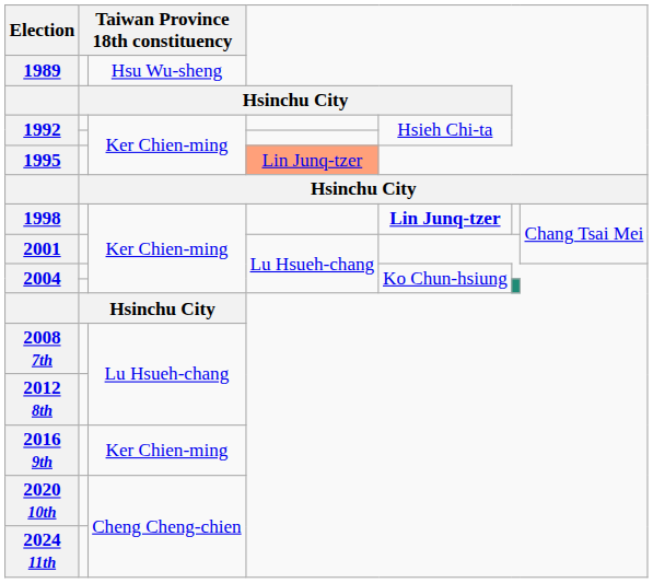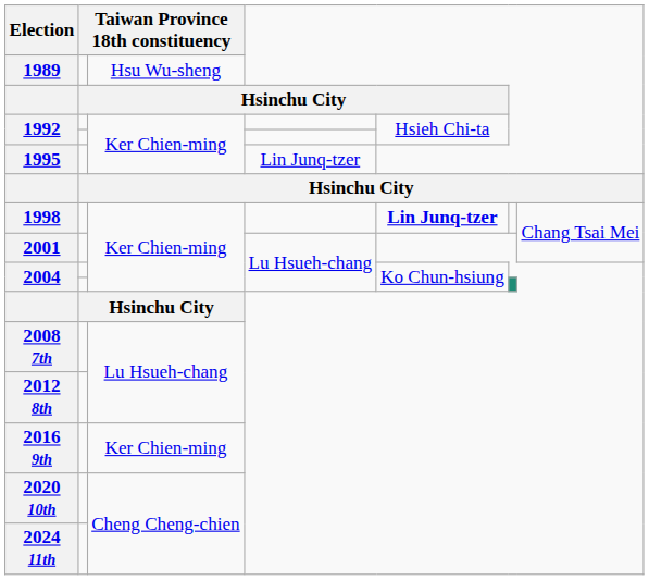 <table class=wikitable style="text-align:center">
 <tr>
 <th>Election</th>
 <th colspan="2" width="80px">Taiwan Province 18th constituency</th>
 </tr>
 <tr>
 <th><a href='#'>1989</a></th>
 <td></td>
 <td><a href='#'>Hsu Wu-sheng</a></td>
 </tr>
 <tr>
 <th></th>
 <th colspan=4 width="80px">Hsinchu City</th>
 </tr>
 <tr>
 <th rowspan=2><a href='#'>1992</a></th>
 <td></td>
 <td rowspan=3><a href='#'>Ker Chien-ming</a></td>
 <td></td>
 <td rowspan=2><a href='#'>Hsieh Chi-ta</a></td>
 </tr>
 <tr>
 <td></td>
 </tr>
 <tr>
 <th><a href='#'>1995</a></th>
 <td></td>
-<td style="background: lightsalmon;"><a href='#'>Lin Junq-tzer</a></td>
+<td><a href='#'>Lin Junq-tzer</a></td>
 </tr>
 <tr>
 <th></th>
 <th colspan=6 width="80px">Hsinchu City</th>
 </tr>
 <tr>
 <th><a href='#'>1998</a></th>
 <td></td>
 <td rowspan=4><a href='#'>Ker Chien-ming</a></td>
 <td></td>
 <td><strong><a href='#'>Lin Junq-tzer</a></strong></td>
 <td></td>
 <td rowspan=2><a href='#'>Chang Tsai Mei</a></td>
 </tr>
 <tr>
 <th><a href='#'>2001</a></th>
 <td></td>
 <td rowspan=3><a href='#'>Lu Hsueh-chang</a></td>
 </tr>
 <tr>
 <th rowspan=2><a href='#'>2004</a></th>
 <td></td>
 <td rowspan=2><a href='#'>Ko Chun-hsiung</a></td>
 </tr>
 <tr>
 <td></td>
 <td bgcolor=#1F8B76></td>
 </tr>
 <tr>
 <th></th>
 <th colspan=2 width="80px">Hsinchu City</th>
 </tr>
 <tr>
 <th><a href='#'>2008</a><br><small><em><a href='#'>7th</a></em></small><br></th>
 <td></td>
 <td rowspan=2><a href='#'>Lu Hsueh-chang</a></td>
 </tr>
 <tr>
 <th><a href='#'>2012</a><br><small><em><a href='#'>8th</a></em></small><br></th>
 </tr>
 <tr>
 <th><a href='#'>2016</a><br><small><em><a href='#'>9th</a></em></small><br></th>
 <td></td>
 <td><a href='#'>Ker Chien-ming</a></td>
 </tr>
 <tr>
 <th><a href='#'>2020</a><br><small><em><a href='#'>10th</a></em></small><br></th>
 <td></td>
 <td rowspan=2><a href='#'>Cheng Cheng-chien</a></td>
 </tr>
 <tr>
 <th><a href='#'>2024</a><br><small><em><a href='#'>11th</a></em></small><br></th>
 </tr>
 </table>
